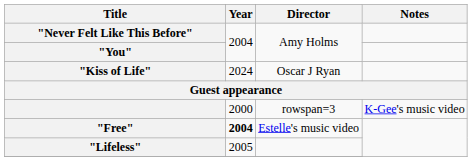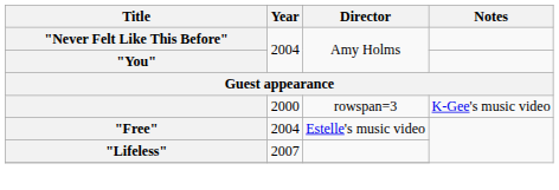 <table class="wikitable plainrowheaders" style="text-align:center;">
 <tr>
 <th scope="col" style="width:18em;">Title</th>
 <th scope="col">Year</th>
 <th scope="col">Director</th>
 <th scope="col">Notes</th>
 </tr>
 <tr>
 <th scope="row">"Never Felt Like This Before"</th>
 <td rowspan="2">2004</td>
 <td rowspan="2">Amy Holms</td>
 <td></td>
 </tr>
 <tr>
 <th scope="row">"You"</th>
 <td></td>
 </tr>
 <tr>
-<th scope="row">"Kiss of Life"</th>
-<td>2024</td>
-<td>Oscar J Ryan</td>
-<td></td>
-</tr>
-<tr>
 <th scope="col" colspan="4">Guest appearance</th>
 </tr>
 <tr>
 <th scope="row"></th>
 <td>2000</td>
 <td>rowspan=3 </td>
 <td><a href='#'>K-Gee</a>'s music video</td>
 </tr>
 <tr>
 <th scope="row">"Free"</th>
-<td><strong>2004</strong></td>
+<td>2004</td>
 <td><a href='#'>Estelle</a>'s music video</td>
 </tr>
 <tr>
 <th scope="row">"Lifeless"</th>
-<td>2005</td>
+<td>2007</td>
 <td></td>
 </tr>
 <tr>
 </tr>
 </table>
